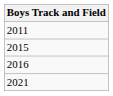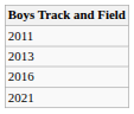 <table class="wikitable">
 <tr>
 <th>Boys Track and Field</th>
 </tr>
 <tr>
 <td>2011</td>
 </tr>
 <tr>
-<td>2015</td>
+<td>2013</td>
 </tr>
 <tr>
 <td>2016</td>
 </tr>
 <tr>
 <td>2021</td>
 </tr>
 </table>
